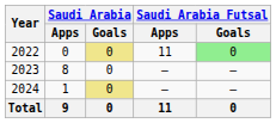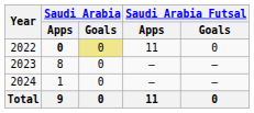 <table class="wikitable" style="text-align:center">
 <tr>
 <th rowspan=2>Year</th>
 <th colspan=2><a href='#'>Saudi Arabia</a></th>
 <th colspan=2><a href='#'>Saudi Arabia Futsal</a></th>
 </tr>
 <tr>
 <th>Apps</th>
 <th>Goals</th>
 <th>Apps</th>
 <th>Goals</th>
 </tr>
 <tr>
 <td>2022</td>
-<td>0</td>
+<td><strong>0</strong></td>
 <td style="background: khaki;">0</td>
 <td>11</td>
-<td style="background: lightgreen;">0</td>
+<td>0</td>
 </tr>
 <tr>
 <td>2023</td>
 <td>8</td>
 <td>0</td>
 <td>–</td>
 <td>–</td>
 </tr>
 <tr>
 <td>2024</td>
 <td>1</td>
-<td style="background: khaki;">0</td>
+<td>0</td>
 <td>–</td>
 <td>–</td>
 </tr>
 <tr>
 <th>Total</th>
 <th>9</th>
 <th>0</th>
 <th>11</th>
 <th>0</th>
 </tr>
 </table>
